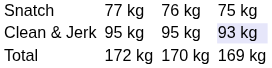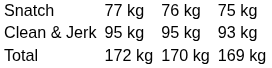 <table>
 <tr>
 <td>Snatch</td>
 <td></td>
 <td>77 kg</td>
 <td></td>
 <td>76 kg</td>
 <td></td>
 <td>75 kg</td>
 </tr>
 <tr>
 <td>Clean & Jerk</td>
 <td></td>
 <td>95 kg</td>
 <td></td>
 <td>95 kg</td>
 <td></td>
-<td style="background: lavender;">93 kg</td>
+<td>93 kg</td>
 </tr>
 <tr>
 <td>Total</td>
 <td></td>
 <td>172 kg</td>
 <td></td>
 <td>170 kg</td>
 <td></td>
 <td>169 kg</td>
 </tr>
 </table>
